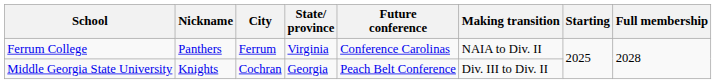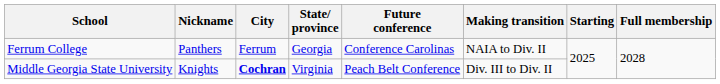 <table class="sortable wikitable plainrowheaders">
 <tr>
 <th>School</th>
 <th>Nickname</th>
 <th>City</th>
 <th>State/<br>province</th>
 <th>Future<br>conference</th>
 <th>Making transition</th>
 <th>Starting</th>
 <th>Full membership</th>
 </tr>
 <tr>
 <td><a href='#'>Ferrum College</a></td>
 <td><a href='#'>Panthers</a></td>
 <td><a href='#'>Ferrum</a></td>
-<td><a href='#'>Virginia</a></td>
+<td><a href='#'>Georgia</a></td>
 <td><a href='#'>Conference Carolinas</a></td>
 <td>NAIA to Div. II</td>
 <td rowspan=2>2025</td>
 <td rowspan=2>2028</td>
 </tr>
 <tr>
 <td><a href='#'>Middle Georgia State University</a></td>
 <td><a href='#'>Knights</a></td>
-<td><a href='#'>Cochran</a></td>
-<td><a href='#'>Georgia</a></td>
+<td><strong><a href='#'>Cochran</a></strong></td>
+<td><a href='#'>Virginia</a></td>
 <td><a href='#'>Peach Belt Conference</a></td>
 <td>Div. III to Div. II</td>
 </tr>
 </table>
